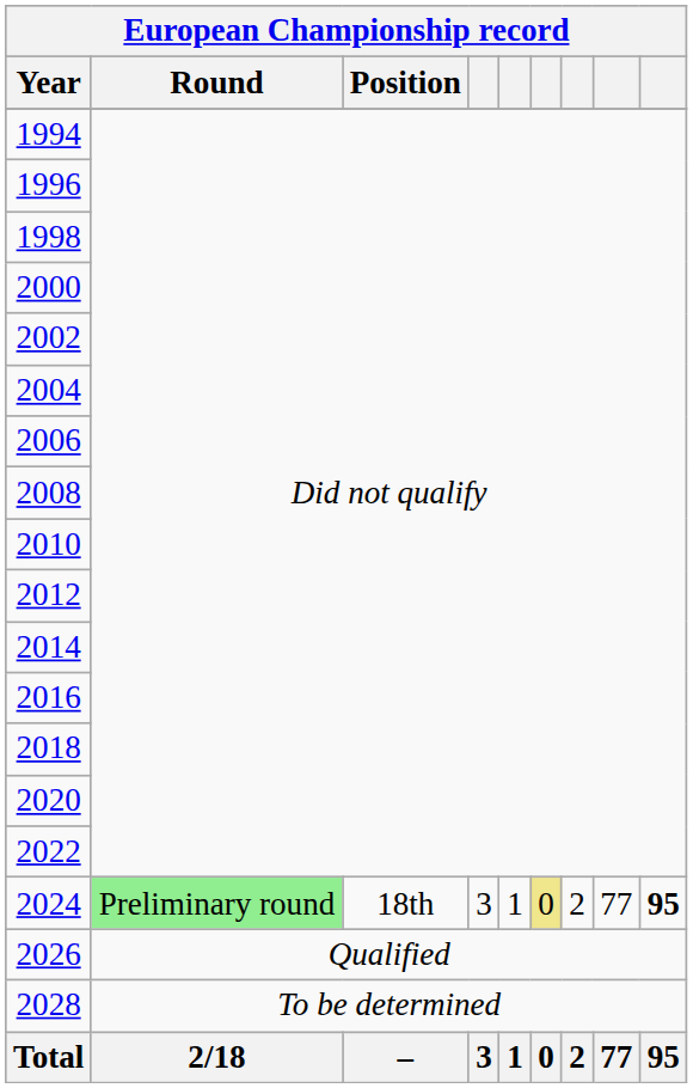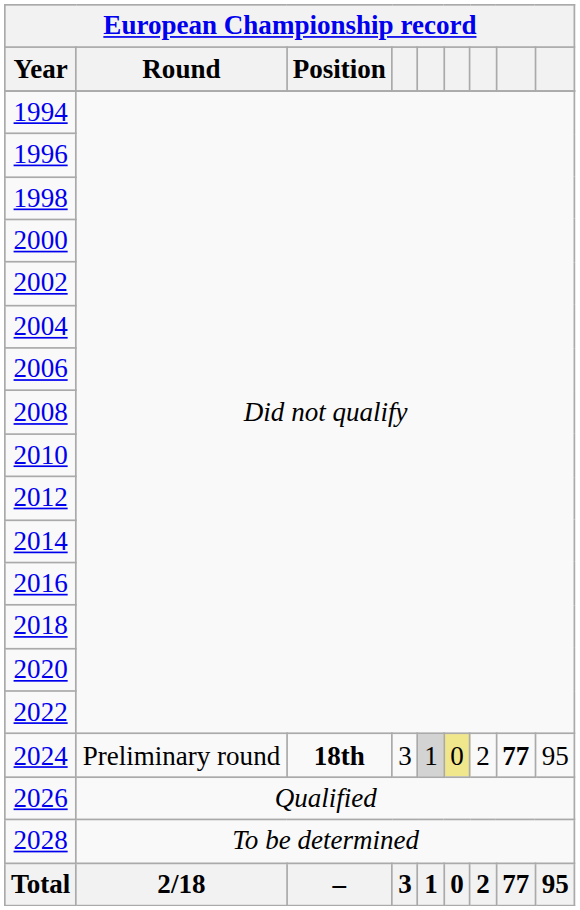 <table class="wikitable" style="text-align: center;">
 <tr>
 <th colspan=9><a href='#'>European Championship record</a></th>
 </tr>
 <tr>
 <th>Year</th>
 <th>Round</th>
 <th>Position</th>
 <th></th>
 <th></th>
 <th></th>
 <th></th>
 <th></th>
 <th></th>
 </tr>
 <tr>
 </tr>
 <tr>
 <td> <a href='#'>1994</a></td>
 <td colspan="8" rowspan="15"><em>Did not qualify</em></td>
 </tr>
 <tr>
 <td> <a href='#'>1996</a></td>
 </tr>
 <tr>
 <td> <a href='#'>1998</a></td>
 </tr>
 <tr>
 <td> <a href='#'>2000</a></td>
 </tr>
 <tr>
 <td> <a href='#'>2002</a></td>
 </tr>
 <tr>
 <td> <a href='#'>2004</a></td>
 </tr>
 <tr>
 <td> <a href='#'>2006</a></td>
 </tr>
 <tr>
 <td> <a href='#'>2008</a></td>
 </tr>
 <tr>
 <td> <a href='#'>2010</a></td>
 </tr>
 <tr>
 <td> <a href='#'>2012</a></td>
 </tr>
 <tr>
 <td> <a href='#'>2014</a></td>
 </tr>
 <tr>
 <td> <a href='#'>2016</a></td>
 </tr>
 <tr>
 <td> <a href='#'>2018</a></td>
 </tr>
 <tr>
 <td> <a href='#'>2020</a></td>
 </tr>
 <tr>
 <td> <a href='#'>2022</a></td>
 </tr>
 <tr>
 <td> <a href='#'>2024</a></td>
-<td style="background: lightgreen;">Preliminary round</td>
-<td>18th</td>
+<td>Preliminary round</td>
+<td><strong>18th</strong></td>
 <td>3</td>
-<td>1</td>
+<td style="background: lightgrey;">1</td>
 <td style="background: khaki;">0</td>
 <td>2</td>
-<td>77</td>
-<td><strong>95</strong></td>
+<td><strong>77</strong></td>
+<td>95</td>
 </tr>
 <tr>
 <td> <a href='#'>2026</a></td>
 <td colspan="8"><em>Qualified</em></td>
 </tr>
 <tr>
 <td> <a href='#'>2028</a></td>
 <td colspan="8"><em>To be determined</em></td>
 </tr>
 <tr>
 <th>Total</th>
 <th>2/18</th>
 <th>–</th>
 <th>3</th>
 <th>1</th>
 <th>0</th>
 <th>2</th>
 <th>77</th>
 <th>95</th>
 </tr>
 </table>
